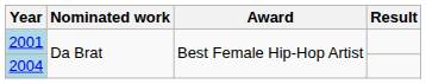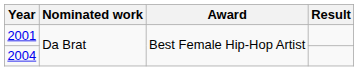 <table class="wikitable">
 <tr>
 <th>Year</th>
 <th>Nominated work</th>
 <th>Award</th>
 <th>Result</th>
 </tr>
 <tr>
-<td align=center style="background: lightblue;"><a href='#'>2001</a></td>
+<td align=center><a href='#'>2001</a></td>
 <td rowspan="2">Da Brat</td>
 <td rowspan="2">Best Female Hip-Hop Artist</td>
 <td></td>
 </tr>
 <tr>
-<td align=center style="background: lightblue;"><a href='#'>2004</a></td>
+<td align=center><a href='#'>2004</a></td>
 <td></td>
 </tr>
 </table>
